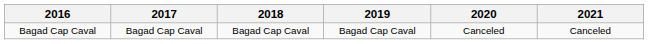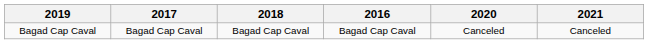 <table class="wikitable centre" width="800px" style="text-align:center;font-size:0.9em;table-layout:fixed;">
 <tr>
-<th scope="col">2016</th>
+<th scope="col">2019</th>
 <th scope="col">2017</th>
 <th scope="col">2018</th>
-<th scope="col">2019</th>
+<th scope="col">2016</th>
 <th scope="col">2020</th>
 <th scope="col">2021</th>
 </tr>
 <tr style="font-size:0.85em;">
 <td>Bagad Cap Caval</td>
 <td>Bagad Cap Caval</td>
 <td>Bagad Cap Caval</td>
 <td>Bagad Cap Caval</td>
 <td>Canceled</td>
 <td>Canceled</td>
 </tr>
 </table>
